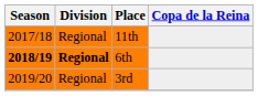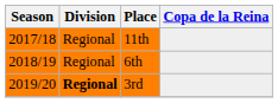 <table class="wikitable">
 <tr style="background:#f0f6fa;">
 <th>Season</th>
 <th>Division</th>
 <th>Place</th>
 <th><a href='#'>Copa de la Reina</a></th>
 </tr>
 <tr>
 <td style="background:#FF7F00;">2017/18</td>
 <td style="background:#FF7F00;">Regional</td>
 <td style="background:#FF7F00;">11th</td>
 <th style="background:#efefef;"></th>
 </tr>
 <tr>
-<td style="background:#FF7F00;"><strong>2018/19</strong></td>
-<td style="background:#FF7F00;"><strong>Regional</strong></td>
+<td style="background:#FF7F00;">2018/19</td>
+<td style="background:#FF7F00;">Regional</td>
 <td style="background:#FF7F00;">6th</td>
 <th style="background:#efefef;"></th>
 </tr>
 <tr>
 <td style="background:#FF7F00;">2019/20</td>
-<td style="background:#FF7F00;">Regional</td>
+<td style="background:#FF7F00;"><strong>Regional</strong></td>
 <td style="background:#FF7F00;">3rd</td>
 <th style="background:#efefef;"></th>
 </tr>
 <tr>
 </tr>
 </table>
